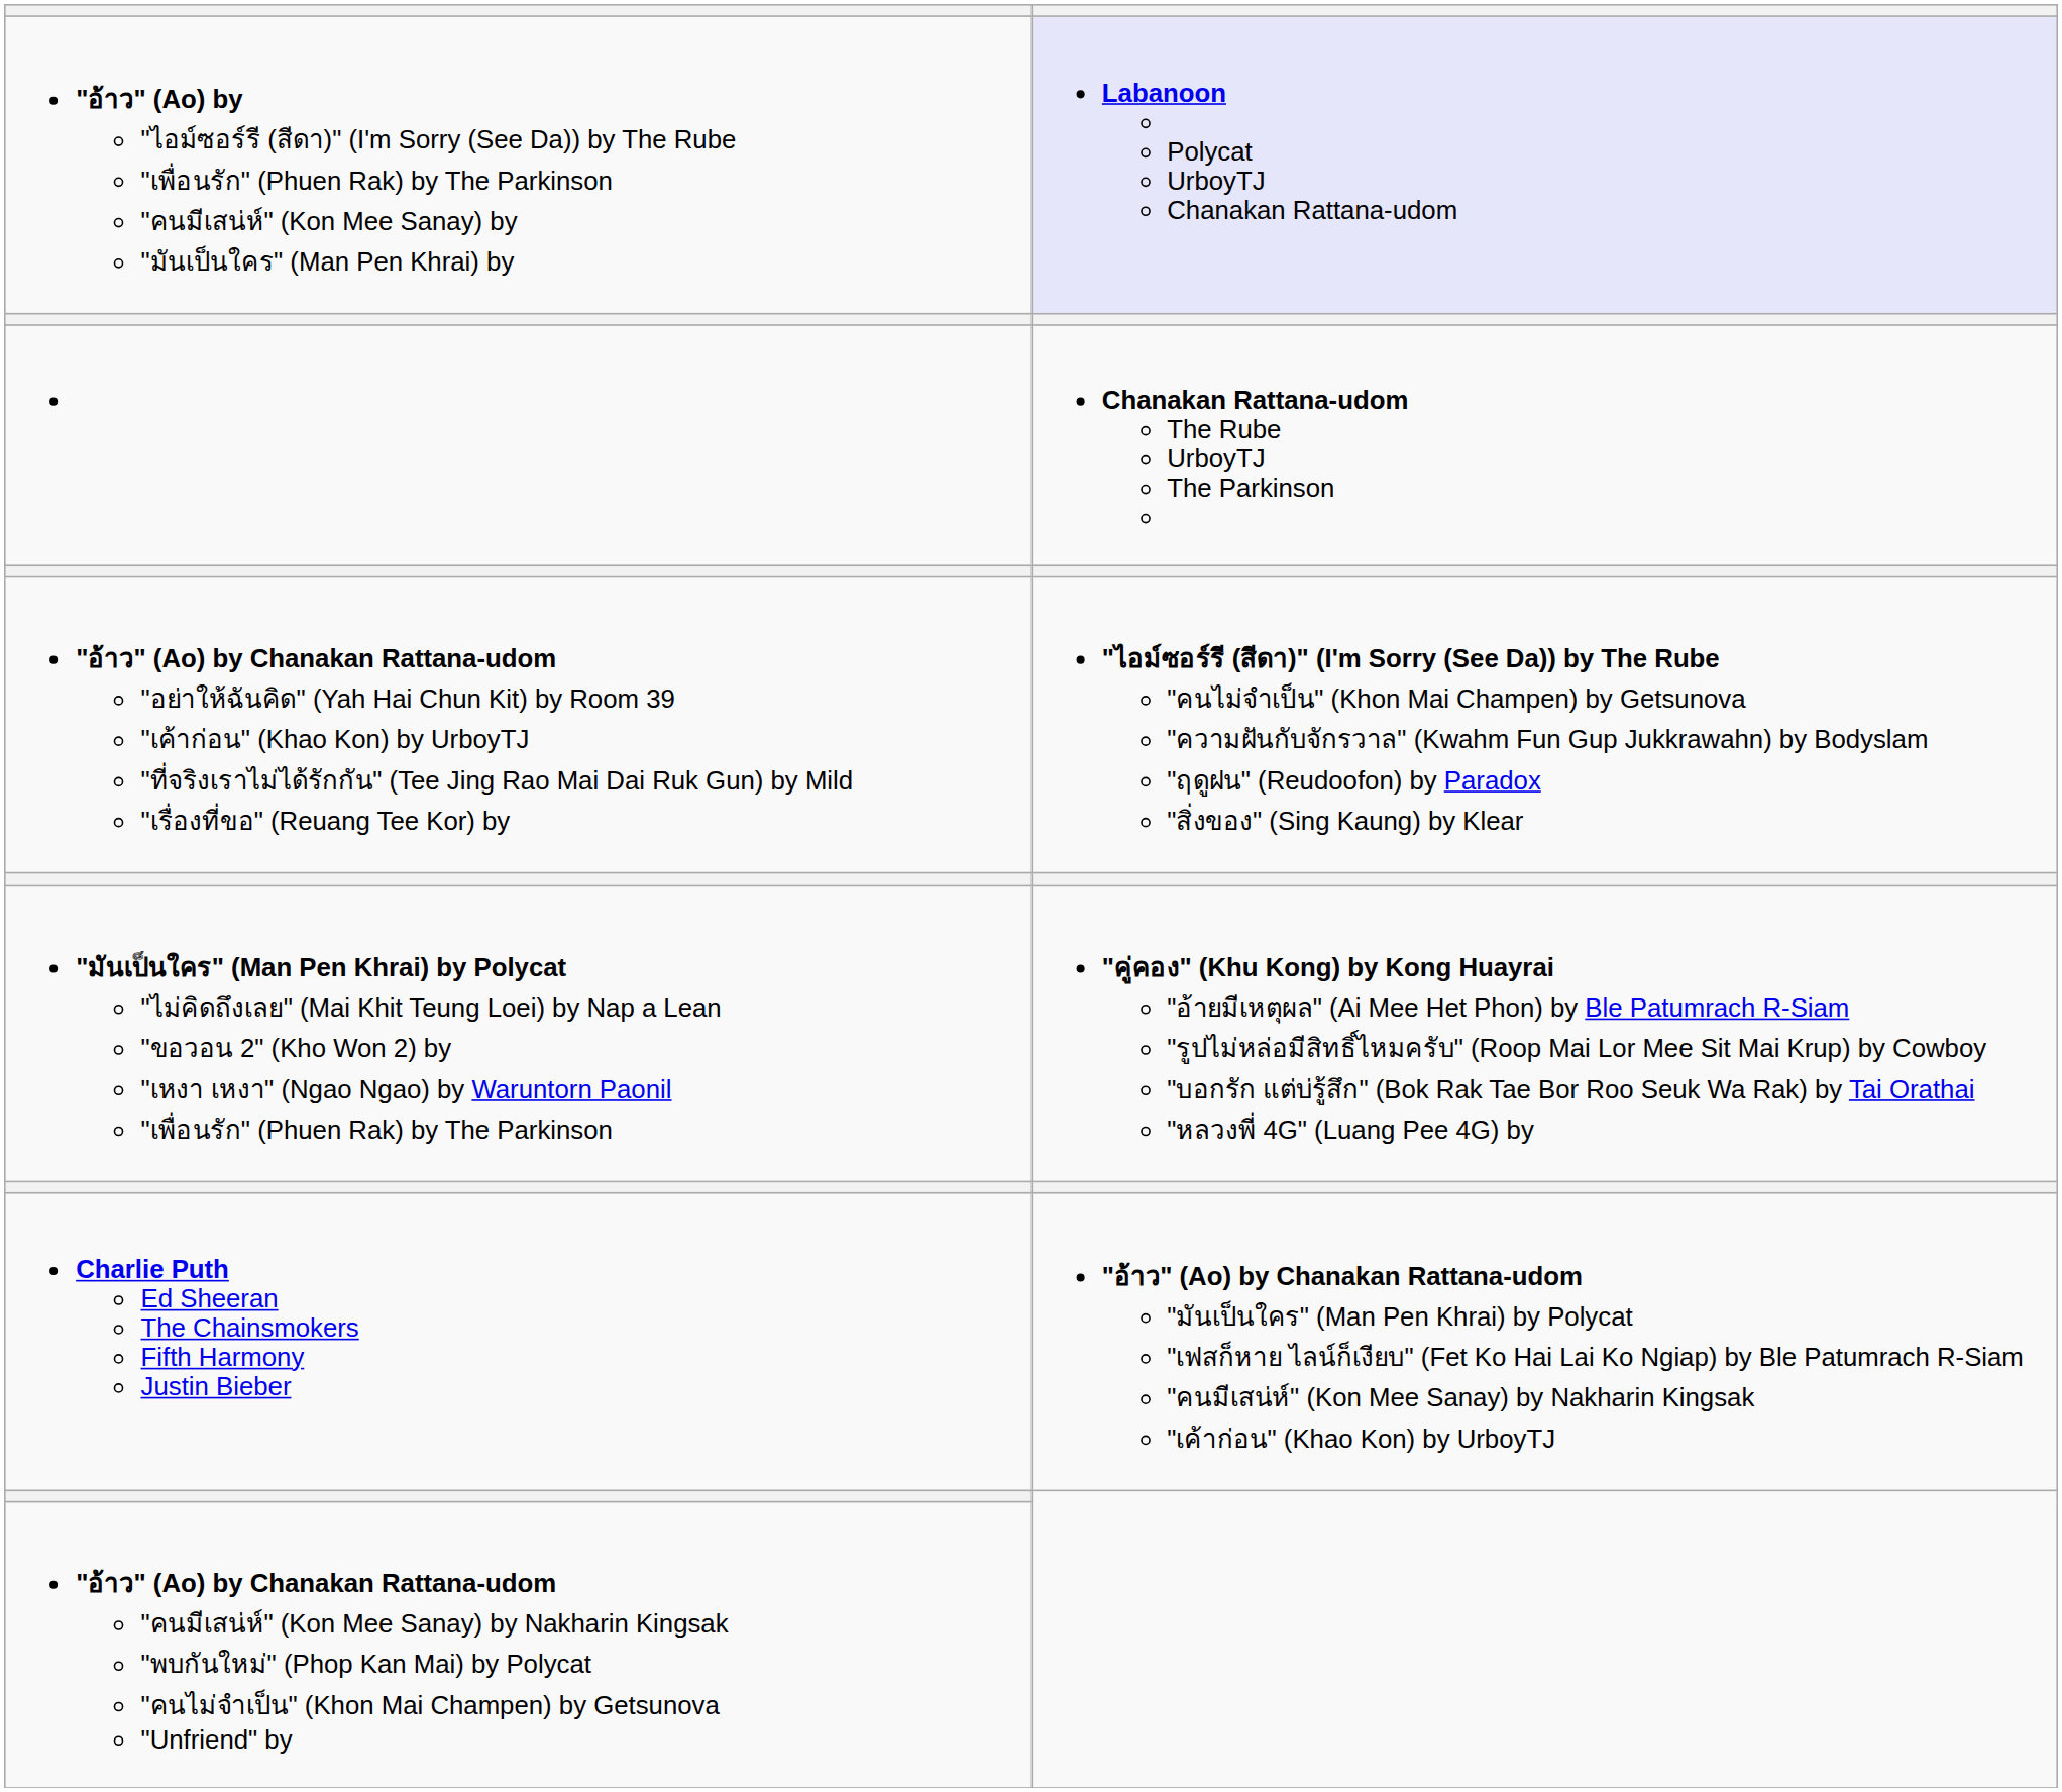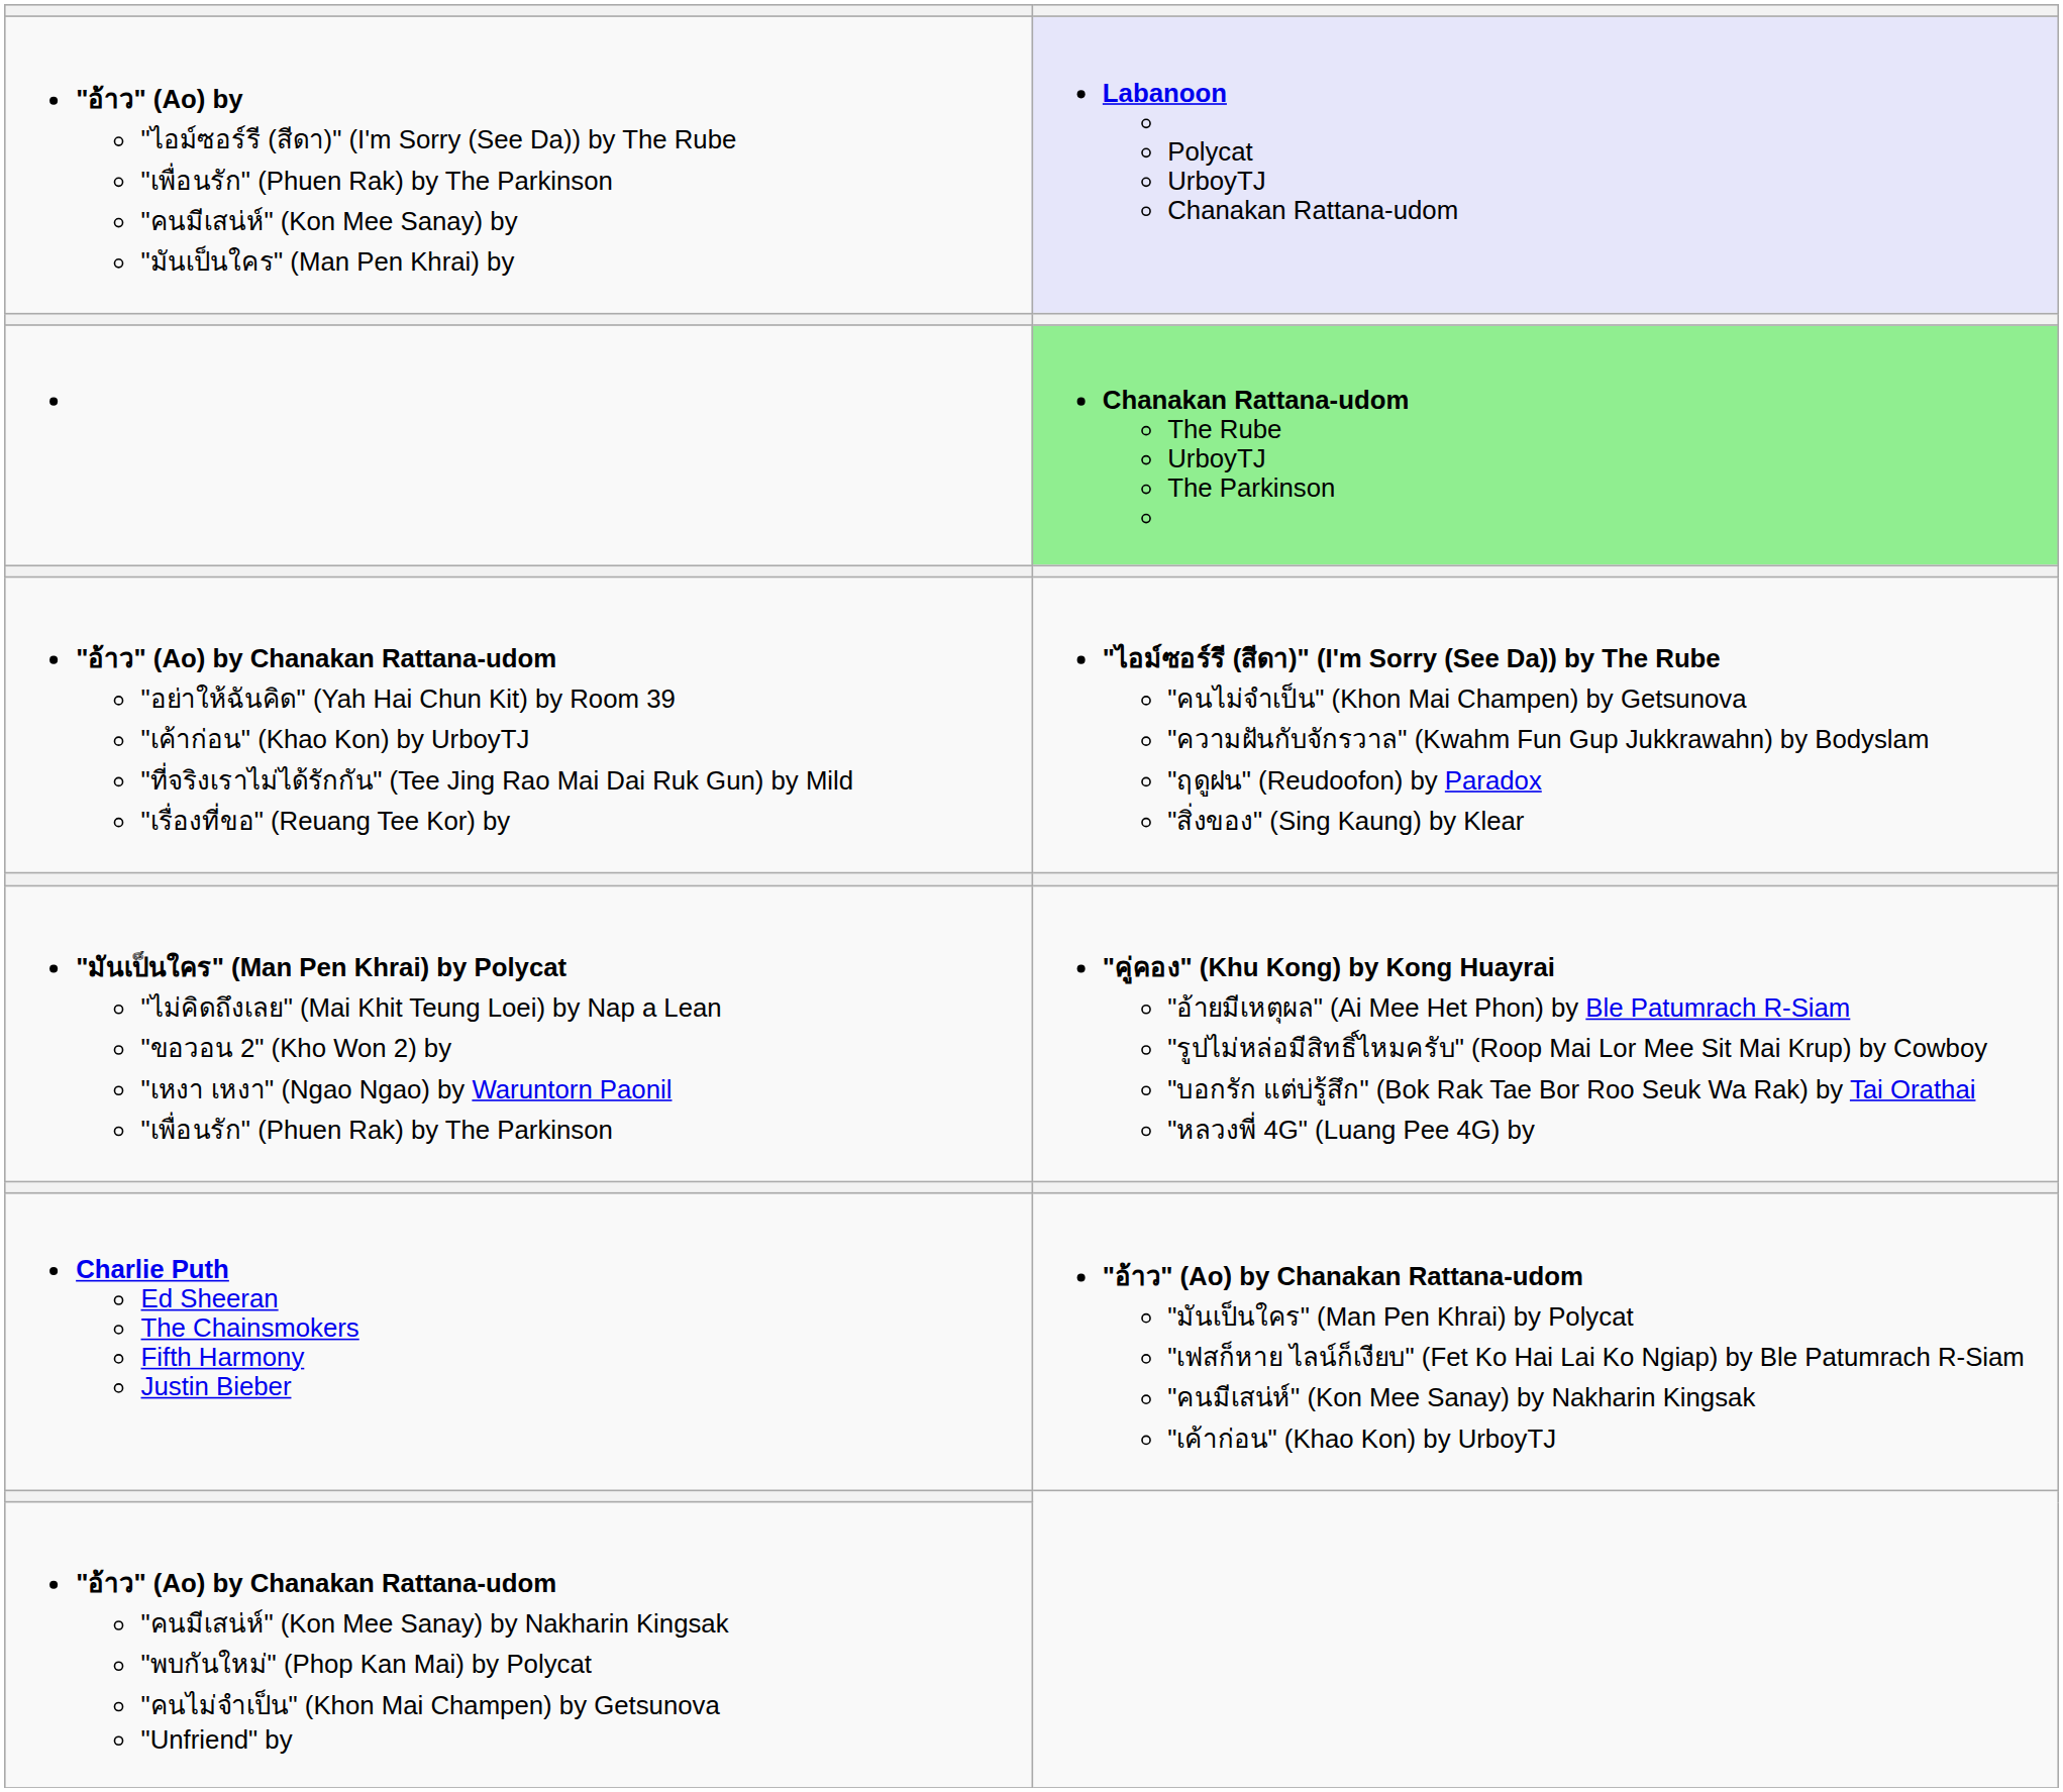 <table class=wikitable width="100%">
 <tr>
 <th></th>
 <th></th>
 </tr>
 <tr>
 <td valign="top" width="50%"><br><ul><li><strong>"อ้าว" (Ao) by </strong><ul><li>"ไอม์ซอร์รี (สีดา)" (I'm Sorry (See Da)) by The Rube</li><li>"เพื่อนรัก" (Phuen Rak) by The Parkinson</li><li>"คนมีเสน่ห์" (Kon Mee Sanay) by </li><li>"มันเป็นใคร" (Man Pen Khrai) by </li></ul></li></ul></td>
 <td valign="top" width="50%" style="background: lavender;"><br><ul><li><strong><a href='#'>Labanoon</a></strong><ul><li></li><li>Polycat</li><li>UrboyTJ</li><li>Chanakan Rattana-udom</li></ul></li></ul></td>
 </tr>
 <tr>
 <th></th>
 <th></th>
 </tr>
 <tr>
 <td valign="top" width="50%"><br><ul><li><strong></strong></li></ul></td>
-<td valign="top" width="50%"><br><ul><li><strong>Chanakan Rattana-udom</strong><ul><li>The Rube</li><li>UrboyTJ</li><li>The Parkinson</li><li></li></ul></li></ul></td>
+<td valign="top" width="50%" style="background: lightgreen;"><br><ul><li><strong>Chanakan Rattana-udom</strong><ul><li>The Rube</li><li>UrboyTJ</li><li>The Parkinson</li><li></li></ul></li></ul></td>
 </tr>
 <tr>
 <th></th>
 <th></th>
 </tr>
 <tr>
 <td valign="top" width="50%"><br><ul><li><strong>"อ้าว" (Ao) by Chanakan Rattana-udom</strong><ul><li>"อย่าให้ฉันคิด" (Yah Hai Chun Kit) by Room 39</li><li>"เค้าก่อน" (Khao Kon) by UrboyTJ</li><li>"ที่จริงเราไม่ได้รักกัน" (Tee Jing Rao Mai Dai Ruk Gun) by Mild</li><li>"เรื่องที่ขอ" (Reuang Tee Kor) by </li></ul></li></ul></td>
 <td valign="top" width="50%"><br><ul><li><strong>"ไอม์ซอร์รี (สีดา)" (I'm Sorry (See Da)) by The Rube</strong><ul><li>"คนไม่จำเป็น" (Khon Mai Champen) by Getsunova</li><li>"ความฝันกับจักรวาล" (Kwahm Fun Gup Jukkrawahn) by Bodyslam</li><li>"ฤดูฝน" (Reudoofon) by <a href='#'>Paradox</a></li><li>"สิ่งของ" (Sing Kaung) by Klear</li></ul></li></ul></td>
 </tr>
 <tr>
 <th></th>
 <th></th>
 </tr>
 <tr>
 <td valign="top" width="50%"><br><ul><li><strong>"มันเป็นใคร" (Man Pen Khrai) by Polycat</strong><ul><li>"ไม่คิดถึงเลย" (Mai Khit Teung Loei) by Nap a Lean</li><li>"ขอวอน 2" (Kho Won 2) by </li><li>"เหงา เหงา" (Ngao Ngao) by <a href='#'>Waruntorn Paonil</a></li><li>"เพื่อนรัก" (Phuen Rak) by The Parkinson</li></ul></li></ul></td>
 <td valign="top" width="50%"><br><ul><li><strong>"คู่คอง" (Khu Kong) by Kong Huayrai</strong><ul><li>"อ้ายมีเหตุผล" (Ai Mee Het Phon) by <a href='#'>Ble Patumrach R-Siam</a></li><li>"รูปไม่หล่อมีสิทธิ์ไหมครับ" (Roop Mai Lor Mee Sit Mai Krup) by Cowboy</li><li>"บอกรัก แต่บ่รู้สึก" (Bok Rak Tae Bor Roo Seuk Wa Rak) by <a href='#'>Tai Orathai</a></li><li>"หลวงพี่ 4G" (Luang Pee 4G) by </li></ul></li></ul></td>
 </tr>
 <tr>
 <th></th>
 <th></th>
 </tr>
 <tr>
 <td valign="top" width="50%"><br><ul><li><strong><a href='#'>Charlie Puth</a></strong><ul><li><a href='#'>Ed Sheeran</a></li><li><a href='#'>The Chainsmokers</a></li><li><a href='#'>Fifth Harmony</a></li><li><a href='#'>Justin Bieber</a></li></ul></li></ul></td>
 <td valign="top" width="50%"><br><ul><li><strong>"อ้าว" (Ao) by Chanakan Rattana-udom</strong><ul><li>"มันเป็นใคร" (Man Pen Khrai) by Polycat</li><li>"เฟสก็หาย ไลน์ก็เงียบ" (Fet Ko Hai Lai Ko Ngiap) by Ble Patumrach R-Siam</li><li>"คนมีเสน่ห์" (Kon Mee Sanay) by Nakharin Kingsak</li><li>"เค้าก่อน" (Khao Kon) by UrboyTJ</li></ul></li></ul></td>
 </tr>
 <tr>
 <th></th>
 </tr>
 <tr>
 <td valign="top" width="50%"><br><ul><li><strong>"อ้าว" (Ao) by Chanakan Rattana-udom</strong><ul><li>"คนมีเสน่ห์" (Kon Mee Sanay) by Nakharin Kingsak</li><li>"พบกันใหม่" (Phop Kan Mai) by Polycat</li><li>"คนไม่จำเป็น" (Khon Mai Champen) by Getsunova</li><li>"Unfriend" by </li></ul></li></ul></td>
 </tr>
 </table>
